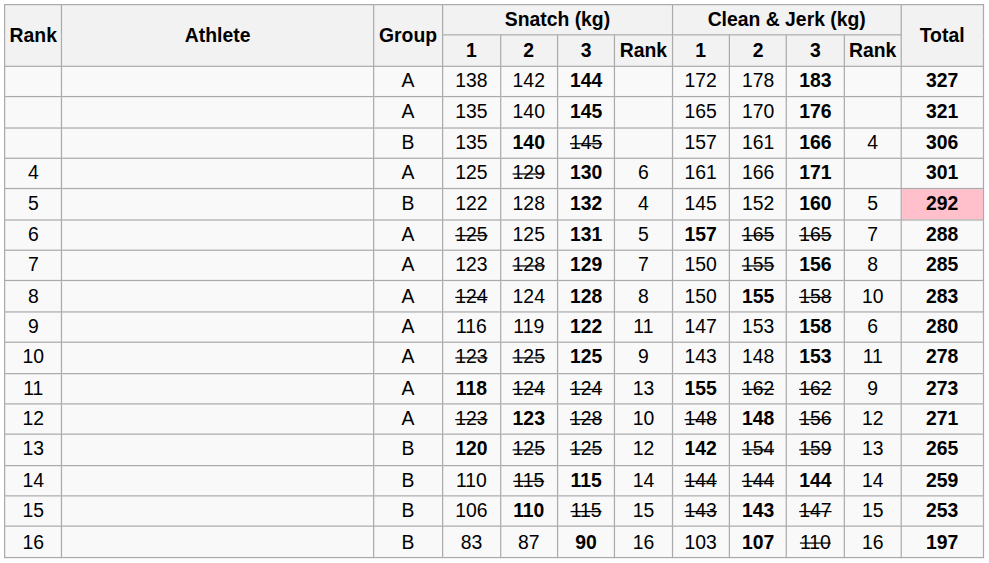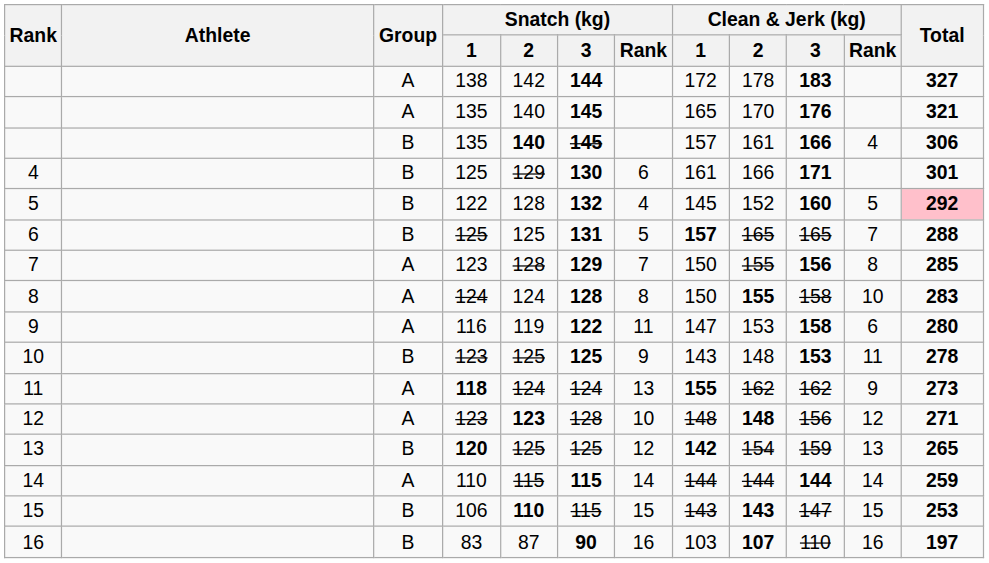 <table class = "wikitable" style="text-align:center;">
 <tr>
 <th rowspan=2 width=40>Rank</th>
 <th rowspan=2 width=250>Athlete</th>
 <th rowspan=2 width=50>Group</th>
 <th colspan=4>Snatch (kg)</th>
 <th colspan=4>Clean & Jerk (kg)</th>
 <th rowspan=2 width=60>Total</th>
 </tr>
 <tr>
 <th width=40>1</th>
 <th width=40>2</th>
 <th width=40>3</th>
 <th width=40>Rank</th>
 <th width=40>1</th>
 <th width=40>2</th>
 <th width=40>3</th>
 <th width=40>Rank</th>
 </tr>
 <tr>
 <td></td>
 <td align=left></td>
 <td>A</td>
 <td>138</td>
 <td>142</td>
 <td><strong>144</strong></td>
 <td></td>
 <td>172</td>
 <td>178</td>
 <td><strong>183</strong></td>
 <td></td>
 <td><strong>327</strong></td>
 </tr>
 <tr>
 <td></td>
 <td align=left></td>
 <td>A</td>
 <td>135</td>
 <td>140</td>
 <td><strong>145</strong></td>
 <td></td>
 <td>165</td>
 <td>170</td>
 <td><strong>176</strong></td>
 <td></td>
 <td><strong>321</strong></td>
 </tr>
 <tr>
 <td></td>
 <td align=left></td>
 <td>B</td>
 <td>135</td>
 <td><strong>140</strong></td>
-<td><s>145</s></td>
+<td><strong><s>145</s></strong></td>
 <td></td>
 <td>157</td>
 <td>161</td>
 <td><strong>166</strong></td>
 <td>4</td>
 <td><strong>306</strong></td>
 </tr>
 <tr>
 <td>4</td>
 <td align=left></td>
-<td>A</td>
+<td>B</td>
 <td>125</td>
 <td><s>129</s></td>
 <td><strong>130</strong></td>
 <td>6</td>
 <td>161</td>
 <td>166</td>
 <td><strong>171</strong></td>
 <td></td>
 <td><strong>301</strong></td>
 </tr>
 <tr>
 <td>5</td>
 <td align=left></td>
 <td>B</td>
 <td>122</td>
 <td>128</td>
 <td><strong>132</strong></td>
 <td>4</td>
 <td>145</td>
 <td>152</td>
 <td><strong>160</strong></td>
 <td>5</td>
 <td style="background: pink;"><strong>292</strong></td>
 </tr>
 <tr>
 <td>6</td>
 <td align=left></td>
-<td>A</td>
+<td>B</td>
 <td><s>125</s></td>
 <td>125</td>
 <td><strong>131</strong></td>
 <td>5</td>
 <td><strong>157</strong></td>
 <td><s>165</s></td>
 <td><s>165</s></td>
 <td>7</td>
 <td><strong>288</strong></td>
 </tr>
 <tr>
 <td>7</td>
 <td align=left></td>
 <td>A</td>
 <td>123</td>
 <td><s>128</s></td>
 <td><strong>129</strong></td>
 <td>7</td>
 <td>150</td>
 <td><s>155</s></td>
 <td><strong>156</strong></td>
 <td>8</td>
 <td><strong>285</strong></td>
 </tr>
 <tr>
 <td>8</td>
 <td align=left></td>
 <td>A</td>
 <td><s>124</s></td>
 <td>124</td>
 <td><strong>128</strong></td>
 <td>8</td>
 <td>150</td>
 <td><strong>155</strong></td>
 <td><s>158</s></td>
 <td>10</td>
 <td><strong>283</strong></td>
 </tr>
 <tr>
 <td>9</td>
 <td align=left></td>
 <td>A</td>
 <td>116</td>
 <td>119</td>
 <td><strong>122</strong></td>
 <td>11</td>
 <td>147</td>
 <td>153</td>
 <td><strong>158</strong></td>
 <td>6</td>
 <td><strong>280</strong></td>
 </tr>
 <tr>
 <td>10</td>
 <td align=left></td>
-<td>A</td>
+<td>B</td>
 <td><s>123</s></td>
 <td><s>125</s></td>
 <td><strong>125</strong></td>
 <td>9</td>
 <td>143</td>
 <td>148</td>
 <td><strong>153</strong></td>
 <td>11</td>
 <td><strong>278</strong></td>
 </tr>
 <tr>
 <td>11</td>
 <td align=left></td>
 <td>A</td>
 <td><strong>118</strong></td>
 <td><s>124</s></td>
 <td><s>124</s></td>
 <td>13</td>
 <td><strong>155</strong></td>
 <td><s>162</s></td>
 <td><s>162</s></td>
 <td>9</td>
 <td><strong>273</strong></td>
 </tr>
 <tr>
 <td>12</td>
 <td align=left></td>
 <td>A</td>
 <td><s>123</s></td>
 <td><strong>123</strong></td>
 <td><s>128</s></td>
 <td>10</td>
 <td><s>148</s></td>
 <td><strong>148</strong></td>
 <td><s>156</s></td>
 <td>12</td>
 <td><strong>271</strong></td>
 </tr>
 <tr>
 <td>13</td>
 <td align=left></td>
 <td>B</td>
 <td><strong>120</strong></td>
 <td><s>125</s></td>
 <td><s>125</s></td>
 <td>12</td>
 <td><strong>142</strong></td>
 <td><s>154</s></td>
 <td><s>159</s></td>
 <td>13</td>
 <td><strong>265</strong></td>
 </tr>
 <tr>
 <td>14</td>
 <td align=left></td>
-<td>B</td>
+<td>A</td>
 <td>110</td>
 <td><s>115</s></td>
 <td><strong>115</strong></td>
 <td>14</td>
 <td><s>144</s></td>
 <td><s>144</s></td>
 <td><strong>144</strong></td>
 <td>14</td>
 <td><strong>259</strong></td>
 </tr>
 <tr>
 <td>15</td>
 <td align=left></td>
 <td>B</td>
 <td>106</td>
 <td><strong>110</strong></td>
 <td><s>115</s></td>
 <td>15</td>
 <td><s>143</s></td>
 <td><strong>143</strong></td>
 <td><s>147</s></td>
 <td>15</td>
 <td><strong>253</strong></td>
 </tr>
 <tr>
 <td>16</td>
 <td align=left></td>
 <td>B</td>
 <td>83</td>
 <td>87</td>
 <td><strong>90</strong></td>
 <td>16</td>
 <td>103</td>
 <td><strong>107</strong></td>
 <td><s>110</s></td>
 <td>16</td>
 <td><strong>197</strong></td>
 </tr>
 </table>
